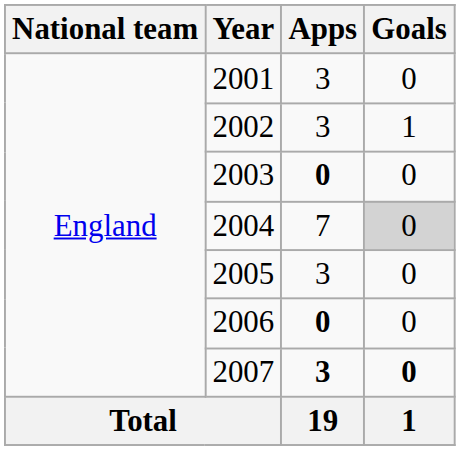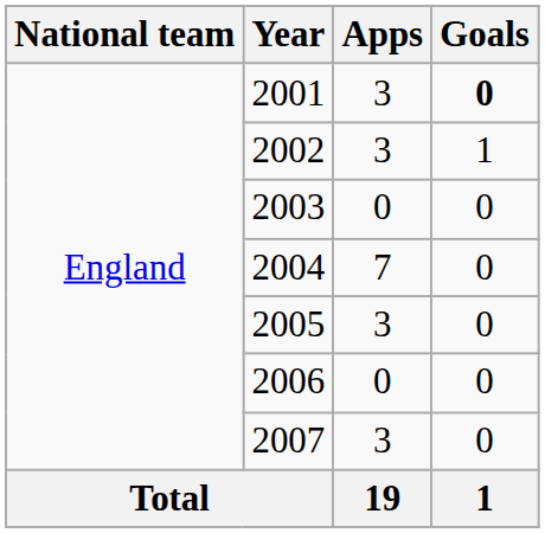 <table class="wikitable" style="text-align:center">
 <tr>
 <th>National team</th>
 <th>Year</th>
 <th>Apps</th>
 <th>Goals</th>
 </tr>
 <tr>
 <td rowspan="7"><a href='#'>England</a></td>
 <td>2001</td>
 <td>3</td>
-<td>0</td>
+<td><strong>0</strong></td>
 </tr>
 <tr>
 <td>2002</td>
 <td>3</td>
 <td>1</td>
 </tr>
 <tr>
 <td>2003</td>
-<td><strong>0</strong></td>
+<td>0</td>
 <td>0</td>
 </tr>
 <tr>
 <td>2004</td>
 <td>7</td>
-<td style="background: lightgrey;">0</td>
+<td>0</td>
 </tr>
 <tr>
 <td>2005</td>
 <td>3</td>
 <td>0</td>
 </tr>
 <tr>
 <td>2006</td>
-<td><strong>0</strong></td>
+<td>0</td>
 <td>0</td>
 </tr>
 <tr>
 <td>2007</td>
-<td><strong>3</strong></td>
-<td><strong>0</strong></td>
+<td>3</td>
+<td>0</td>
 </tr>
 <tr>
 <th colspan=2>Total</th>
 <th>19</th>
 <th>1</th>
 </tr>
 </table>
